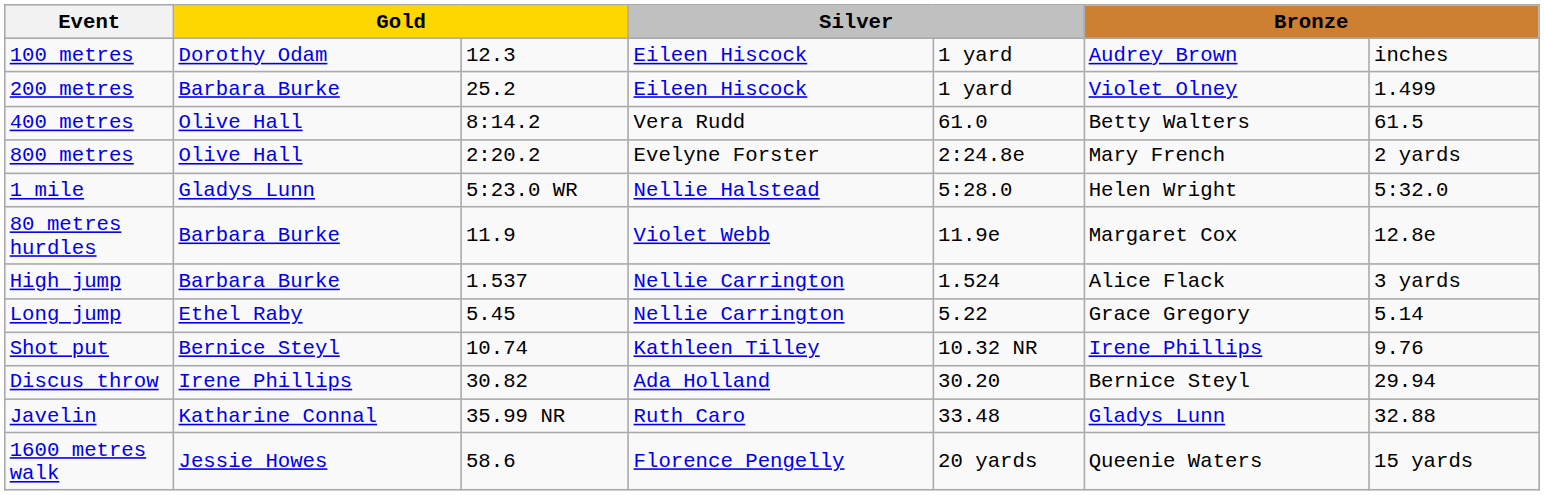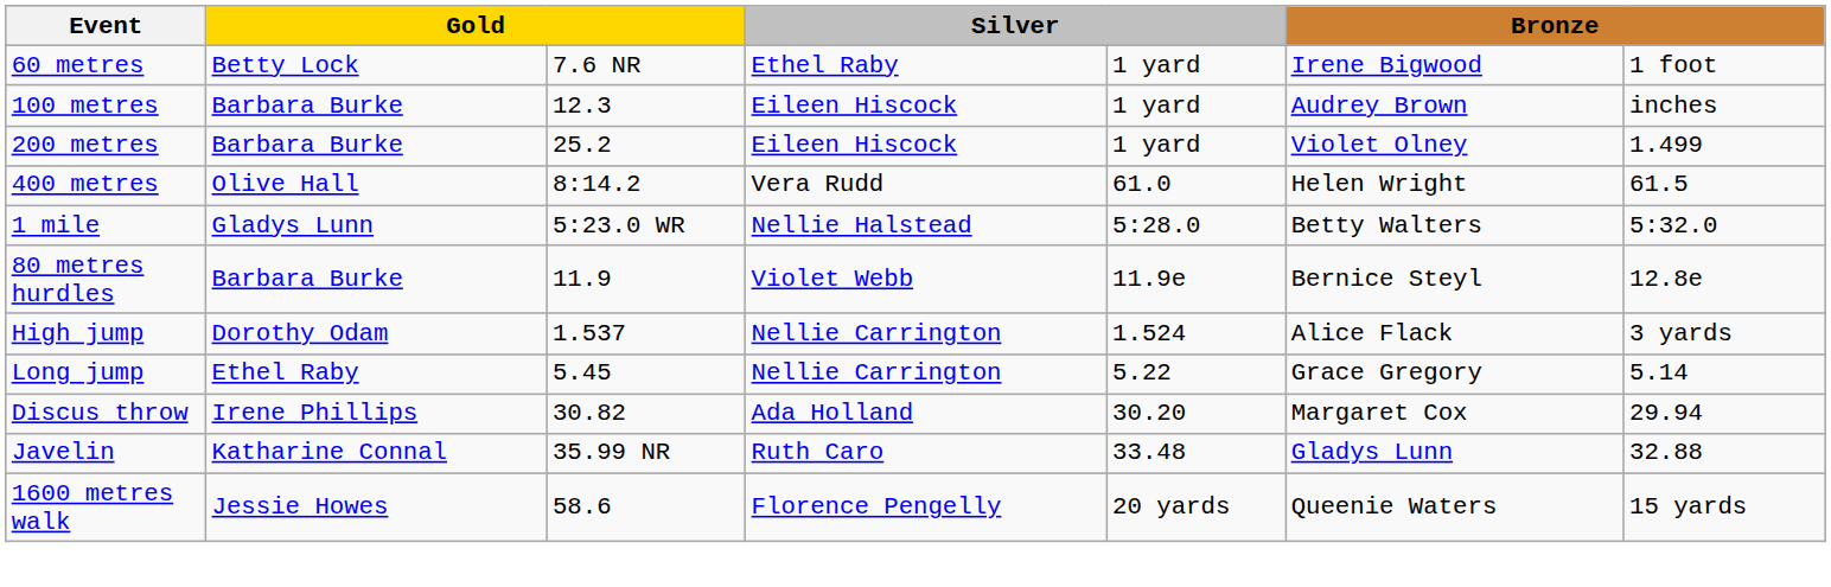 <table class="wikitable" style="text-align:left">
 <tr>
 <th width=100>Event</th>
 <th colspan="2" width="280" style="background:gold;">Gold</th>
 <th colspan="2" width="280" style="background:silver;">Silver</th>
 <th colspan="2" width="280" style="background:#CD7F32;">Bronze</th>
 </tr>
 <tr>
+<td><a href='#'>60 metres</a></td>
+<td><a href='#'>Betty Lock</a></td>
+<td>7.6 NR</td>
+<td><a href='#'>Ethel Raby</a></td>
+<td>1 yard</td>
+<td><a href='#'>Irene Bigwood</a></td>
+<td>1 foot</td>
+</tr>
+<tr>
 <td><a href='#'>100 metres</a></td>
-<td><a href='#'>Dorothy Odam</a></td>
+<td> <a href='#'>Barbara Burke</a></td>
 <td>12.3</td>
 <td><a href='#'>Eileen Hiscock</a></td>
 <td>1 yard</td>
 <td><a href='#'>Audrey Brown</a></td>
 <td>inches</td>
 </tr>
 <tr>
 <td><a href='#'>200 metres</a></td>
 <td> <a href='#'>Barbara Burke</a></td>
 <td>25.2</td>
 <td><a href='#'>Eileen Hiscock</a></td>
 <td>1 yard</td>
 <td><a href='#'>Violet Olney</a></td>
 <td>1.499</td>
 </tr>
 <tr>
 <td><a href='#'>400 metres</a></td>
 <td><a href='#'>Olive Hall</a></td>
 <td>8:14.2</td>
 <td>Vera Rudd</td>
 <td>61.0</td>
-<td>Betty Walters</td>
+<td>Helen Wright</td>
 <td>61.5</td>
-</tr>
-<tr>
-<td><a href='#'>800 metres</a></td>
-<td><a href='#'>Olive Hall</a></td>
-<td>2:20.2</td>
-<td>Evelyne Forster</td>
-<td>2:24.8e</td>
-<td>Mary French</td>
-<td>2 yards</td>
 </tr>
 <tr>
 <td><a href='#'>1 mile</a></td>
 <td><a href='#'>Gladys Lunn</a></td>
 <td>5:23.0 WR</td>
 <td><a href='#'>Nellie Halstead</a></td>
 <td>5:28.0</td>
-<td>Helen Wright</td>
+<td>Betty Walters</td>
 <td>5:32.0</td>
 </tr>
 <tr>
 <td><a href='#'>80 metres hurdles</a></td>
 <td> <a href='#'>Barbara Burke</a></td>
 <td>11.9</td>
 <td><a href='#'>Violet Webb</a></td>
 <td>11.9e</td>
-<td>Margaret Cox</td>
+<td> Bernice Steyl</td>
 <td>12.8e</td>
 </tr>
 <tr>
 <td><a href='#'>High jump</a></td>
-<td> <a href='#'>Barbara Burke</a></td>
+<td><a href='#'>Dorothy Odam</a></td>
 <td>1.537</td>
 <td><a href='#'>Nellie Carrington</a></td>
 <td>1.524</td>
 <td>Alice Flack</td>
 <td>3 yards</td>
 </tr>
 <tr>
 <td><a href='#'>Long jump</a></td>
 <td><a href='#'>Ethel Raby</a></td>
 <td>5.45</td>
 <td><a href='#'>Nellie Carrington</a></td>
 <td>5.22</td>
 <td>Grace Gregory</td>
 <td>5.14</td>
 </tr>
 <tr>
-<td><a href='#'>Shot put</a></td>
-<td> <a href='#'>Bernice Steyl</a></td>
-<td>10.74</td>
-<td><a href='#'>Kathleen Tilley</a></td>
-<td>10.32 NR</td>
-<td><a href='#'>Irene Phillips</a></td>
-<td>9.76</td>
-</tr>
-<tr>
 <td><a href='#'>Discus throw</a></td>
 <td><a href='#'>Irene Phillips</a></td>
 <td>30.82</td>
 <td><a href='#'>Ada Holland</a></td>
 <td>30.20</td>
-<td> Bernice Steyl</td>
+<td>Margaret Cox</td>
 <td>29.94</td>
 </tr>
 <tr>
 <td><a href='#'>Javelin</a></td>
 <td><a href='#'>Katharine Connal</a></td>
 <td>35.99 NR</td>
 <td> <a href='#'>Ruth Caro</a></td>
 <td>33.48</td>
 <td><a href='#'>Gladys Lunn</a></td>
 <td>32.88</td>
 </tr>
 <tr>
 <td><a href='#'>1600 metres walk</a></td>
 <td><a href='#'>Jessie Howes</a></td>
 <td>58.6</td>
 <td><a href='#'>Florence Pengelly</a></td>
 <td>20 yards</td>
 <td>Queenie Waters</td>
 <td>15 yards</td>
 </tr>
 </table>
